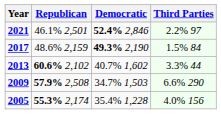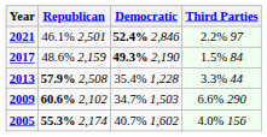 <table class="wikitable" style="float:right; font-size:95%;">
 <tr bgcolor=lightgrey>
 <th>Year</th>
 <th><a href='#'>Republican</a></th>
 <th><a href='#'>Democratic</a></th>
 <th><a href='#'>Third Parties</a></th>
 </tr>
 <tr>
 <td style="text-align:center; "><strong><a href='#'>2021</a></strong></td>
 <td style="text-align:center; ">46.1% <em>2,501</em></td>
 <td style="text-align:center; "><strong>52.4%</strong> <em>2,846</em></td>
 <td style="text-align:center; background:honeyDew;">2.2% <em>97</em></td>
 </tr>
 <tr>
 <td style="text-align:center; "><strong><a href='#'>2017</a></strong></td>
 <td style="text-align:center; ">48.6% <em>2,159</em></td>
 <td style="text-align:center; "><strong>49.3%</strong> <em>2,190</em></td>
 <td style="text-align:center; background:honeyDew;">1.5% <em>84</em></td>
 </tr>
 <tr>
 <td style="text-align:center; "><strong><a href='#'>2013</a></strong></td>
-<td style="text-align:center; "><strong>60.6%</strong> <em>2,102</em></td>
-<td style="text-align:center; ">40.7% <em>1,602</em></td>
+<td style="text-align:center; "><strong>57.9%</strong> <em>2,508</em></td>
+<td style="text-align:center; ">35.4% <em>1,228</em></td>
 <td style="text-align:center; background:honeyDew;">3.3% <em>44</em></td>
 </tr>
 <tr>
 <td style="text-align:center; "><strong><a href='#'>2009</a></strong></td>
-<td style="text-align:center; "><strong>57.9%</strong> <em>2,508</em></td>
+<td style="text-align:center; "><strong>60.6%</strong> <em>2,102</em></td>
 <td style="text-align:center; ">34.7% <em>1,503</em></td>
 <td style="text-align:center; background:honeyDew;">6.6% <em>290</em></td>
 </tr>
 <tr>
 <td style="text-align:center; "><strong><a href='#'>2005</a></strong></td>
 <td style="text-align:center; "><strong>55.3%</strong> <em>2,174</em></td>
-<td style="text-align:center; ">35.4% <em>1,228</em></td>
+<td style="text-align:center; ">40.7% <em>1,602</em></td>
 <td style="text-align:center; background:honeyDew;">4.0% <em>156</em></td>
 </tr>
 </table>
